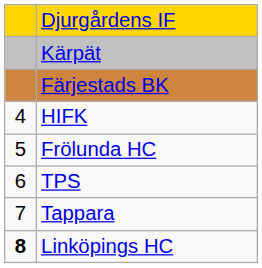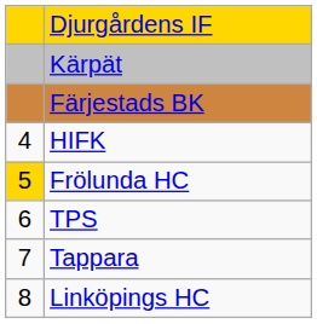 <table class="wikitable" width="200px">
 <tr style="background:#ffd700;">
 <td align=center></td>
 <td> <a href='#'>Djurgårdens IF</a></td>
 </tr>
 <tr style="background:#c0c0c0;">
 <td align=center></td>
 <td> <a href='#'>Kärpät</a></td>
 </tr>
 <tr style="background:#CD853F;">
 <td align=center></td>
 <td> <a href='#'>Färjestads BK</a></td>
 </tr>
 <tr>
 <td align=center>4</td>
 <td> <a href='#'>HIFK</a></td>
 </tr>
 <tr>
-<td align=center>5</td>
+<td align=center style="background: gold;">5</td>
 <td> <a href='#'>Frölunda HC</a></td>
 </tr>
 <tr>
 <td align=center>6</td>
 <td> <a href='#'>TPS</a></td>
 </tr>
 <tr>
 <td align=center>7</td>
 <td> <a href='#'>Tappara</a></td>
 </tr>
 <tr>
-<td align=center><strong>8</strong></td>
+<td align=center>8</td>
 <td> <a href='#'>Linköpings HC</a></td>
 </tr>
 </table>
